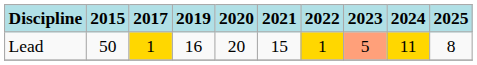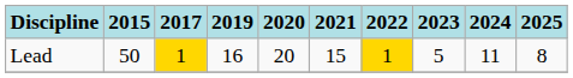 <table class="wikitable" style="text-align: center">
 <tr>
 <th style="background: #b0e0e6">Discipline</th>
 <th style="background: #b0e0e6">2015</th>
 <th style="background: #b0e0e6">2017</th>
 <th style="background: #b0e0e6">2019</th>
 <th style="background: #b0e0e6">2020</th>
 <th style="background: #b0e0e6">2021</th>
 <th style="background: #b0e0e6">2022</th>
 <th style="background: #b0e0e6">2023</th>
 <th style="background: #b0e0e6">2024</th>
 <th style="background: #b0e0e6">2025</th>
 </tr>
 <tr>
 <td align="left">Lead</td>
 <td>50</td>
 <td style="background: gold">1</td>
 <td>16</td>
 <td>20</td>
 <td>15</td>
 <td style="background: gold">1</td>
-<td style="background: lightsalmon;">5</td>
-<td style="background: gold;">11</td>
+<td>5</td>
+<td>11</td>
 <td>8</td>
 </tr>
 <tr>
 </tr>
 </table>
